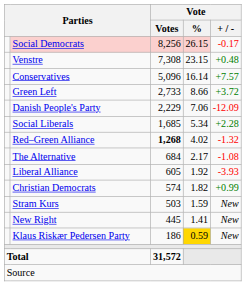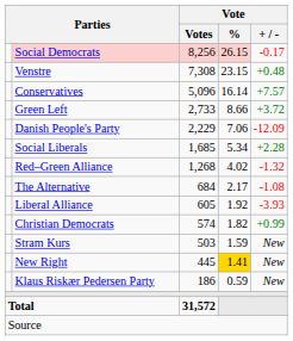 <table class="wikitable" style="text-align:right;">
 <tr>
 <th style="text-align:centre;" rowspan="2" colspan="2" width="225">Parties</th>
 <th colspan="3">Vote</th>
 </tr>
 <tr>
 <th width="15">Votes</th>
 <th width="15">%</th>
 <th width="15">+ / -</th>
 </tr>
 <tr>
 <td width="2" style="color:inherit;background:"></td>
 <td bgcolor=#fbd0ce  align="left"><a href='#'>Social Democrats</a></td>
 <td bgcolor=#fbd0ce>8,256</td>
 <td bgcolor=#fbd0ce>26.15</td>
 <td style=color:red;>-0.17</td>
 </tr>
 <tr>
 <td width="2" style="color:inherit;background:"></td>
 <td align="left"><a href='#'>Venstre</a></td>
 <td>7,308</td>
 <td>23.15</td>
 <td style=color:green;>+0.48</td>
 </tr>
 <tr>
 <td width="2" style="color:inherit;background:"></td>
 <td align="left"><a href='#'>Conservatives</a></td>
 <td>5,096</td>
 <td>16.14</td>
 <td style=color:green;>+7.57</td>
 </tr>
 <tr>
 <td width="2" style="color:inherit;background:"></td>
 <td align="left"><a href='#'>Green Left</a></td>
 <td>2,733</td>
 <td>8.66</td>
 <td style=color:green;>+3.72</td>
 </tr>
 <tr>
 <td width="2" style="color:inherit;background:"></td>
 <td align="left"><a href='#'>Danish People's Party</a></td>
 <td>2,229</td>
 <td>7.06</td>
 <td style=color:red;>-12.09</td>
 </tr>
 <tr>
 <td width="2" style="color:inherit;background:"></td>
 <td align="left"><a href='#'>Social Liberals</a></td>
 <td>1,685</td>
 <td>5.34</td>
 <td style=color:green;>+2.28</td>
 </tr>
 <tr>
 <td width="2" style="color:inherit;background:"></td>
 <td align="left"><a href='#'>Red–Green Alliance</a></td>
-<td><strong>1,268</strong></td>
+<td>1,268</td>
 <td>4.02</td>
 <td style=color:red;>-1.32</td>
 </tr>
 <tr>
 <td width="2" style="color:inherit;background:"></td>
 <td align="left"><a href='#'>The Alternative</a></td>
 <td>684</td>
 <td>2.17</td>
 <td style=color:red;>-1.08</td>
 </tr>
 <tr>
 <td width="2" style="color:inherit;background:"></td>
 <td align="left"><a href='#'>Liberal Alliance</a></td>
 <td>605</td>
 <td>1.92</td>
 <td style=color:red;>-3.93</td>
 </tr>
 <tr>
 <td width="2" style="color:inherit;background:"></td>
 <td align="left"><a href='#'>Christian Democrats</a></td>
 <td>574</td>
 <td>1.82</td>
 <td style=color:green;>+0.99</td>
 </tr>
 <tr>
 <td width="2" style="color:inherit;background:"></td>
 <td align="left"><a href='#'>Stram Kurs</a></td>
 <td>503</td>
 <td>1.59</td>
 <td><em>New</em></td>
 </tr>
 <tr>
 <td width="2" style="color:inherit;background:"></td>
 <td align="left"><a href='#'>New Right</a></td>
 <td>445</td>
-<td>1.41</td>
+<td style="background: gold;">1.41</td>
 <td><em>New</em></td>
 </tr>
 <tr>
 <td width="2" style="color:inherit;background:"></td>
 <td align="left"><a href='#'>Klaus Riskær Pedersen Party</a></td>
 <td>186</td>
-<td style="background: gold;">0.59</td>
+<td>0.59</td>
 <td><em>New</em></td>
 </tr>
 <tr>
 <td colspan="7" bgcolor="#E9E9E9"></td>
 </tr>
 <tr>
 <td align="left" colspan="2"><strong>Total</strong></td>
 <td><strong>31,572</strong></td>
 <td bgcolor="#E9E9E9" colspan="2"></td>
 </tr>
 <tr>
 <td align="left" colspan="6">Source</td>
 </tr>
 </table>
